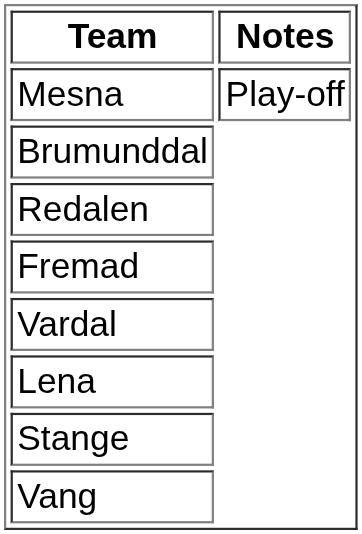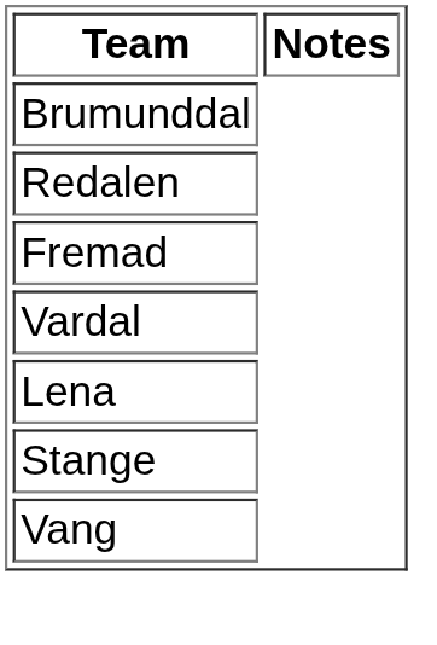 <table border="1" cellpadding="2">
 <tr>
 <th>Team</th>
 <th>Notes</th>
-</tr>
-<tr>
-<td>Mesna</td>
-<td>Play-off</td>
 </tr>
 <tr>
 <td>Brumunddal</td>
 </tr>
 <tr>
 <td>Redalen</td>
 </tr>
 <tr>
 <td>Fremad</td>
 </tr>
 <tr>
 <td>Vardal</td>
 </tr>
 <tr>
 <td>Lena</td>
 </tr>
 <tr>
 <td>Stange</td>
 </tr>
 <tr>
 <td>Vang</td>
 </tr>
 </table>
